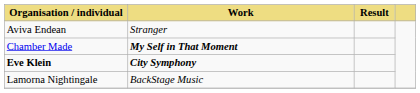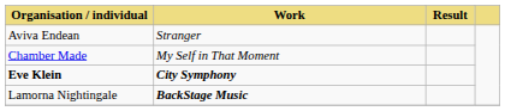 <table class="wikitable" width=100%>
 <tr>
 <th style="width:30%;background:#EEDD82;">Organisation / individual</th>
 <th style="width:55%;background:#EEDD82;">Work</th>
 <th style="width:10%;background:#EEDD82;">Result</th>
 <th style="width:5%;background:#EEDD82;"></th>
 </tr>
 <tr>
 <td>Aviva Endean</td>
 <td><em>Stranger</em></td>
 <td></td>
 <td rowspan="4"></td>
 </tr>
 <tr>
 <td><a href='#'>Chamber Made</a></td>
-<td><strong><em>My Self in That Moment</em></strong></td>
+<td><em>My Self in That Moment</em></td>
 <td></td>
 </tr>
 <tr>
 <td><strong>Eve Klein</strong></td>
 <td><strong><em>City Symphony</em></strong></td>
 <td></td>
 </tr>
 <tr>
 <td>Lamorna Nightingale</td>
-<td><em>BackStage Music</em></td>
+<td><strong><em>BackStage Music</em></strong></td>
 <td></td>
 </tr>
 <tr>
 </tr>
 </table>
